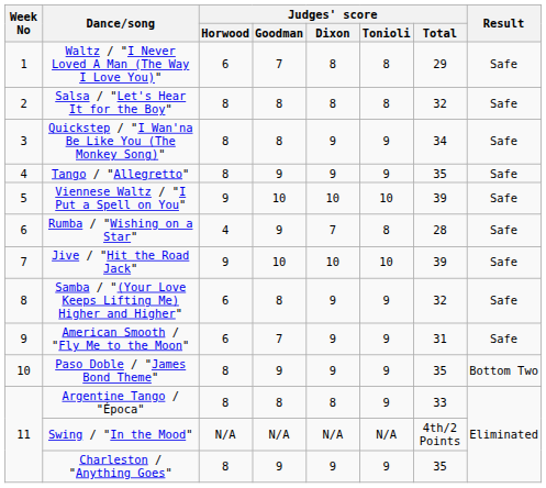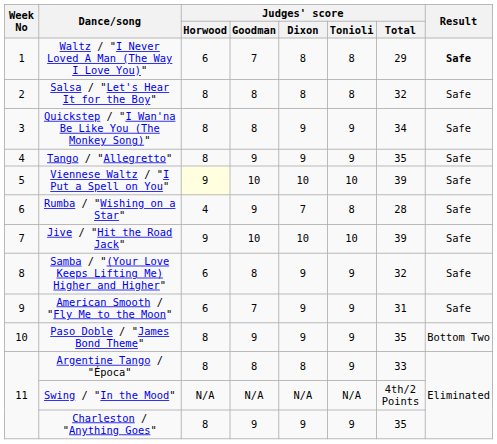 <table class="wikitable" style="text-align:center;">
 <tr>
 <th rowspan="2">Week No</th>
 <th rowspan="2">Dance/song</th>
 <th colspan="5">Judges' score</th>
 <th rowspan="2">Result</th>
 </tr>
 <tr>
 <th style="width:10%;">Horwood</th>
 <th style="width:10%;">Goodman</th>
 <th style="width:10%;">Dixon</th>
 <th style="width:10%;">Tonioli</th>
 <th style="width:10%;">Total</th>
 </tr>
 <tr>
 <td>1</td>
 <td><a href='#'>Waltz</a> / "<a href='#'>I Never Loved A Man (The Way I Love You)</a>"</td>
 <td>6</td>
 <td>7</td>
 <td>8</td>
 <td>8</td>
 <td>29</td>
-<td>Safe</td>
+<td><strong>Safe</strong></td>
 </tr>
 <tr>
 <td>2</td>
 <td><a href='#'>Salsa</a> / "<a href='#'>Let's Hear It for the Boy</a>"</td>
 <td>8</td>
 <td>8</td>
 <td>8</td>
 <td>8</td>
 <td>32</td>
 <td>Safe</td>
 </tr>
 <tr>
 <td>3</td>
 <td><a href='#'>Quickstep</a> / "<a href='#'>I Wan'na Be Like You (The Monkey Song)</a>"</td>
 <td>8</td>
 <td>8</td>
 <td>9</td>
 <td>9</td>
 <td>34</td>
 <td>Safe</td>
 </tr>
 <tr>
 <td>4</td>
 <td><a href='#'>Tango</a> / "<a href='#'>Allegretto</a>"</td>
 <td>8</td>
 <td>9</td>
 <td>9</td>
 <td>9</td>
 <td>35</td>
 <td>Safe</td>
 </tr>
 <tr>
 <td>5</td>
 <td><a href='#'>Viennese Waltz</a> / "<a href='#'>I Put a Spell on You</a>"</td>
-<td>9</td>
+<td style="background: lightyellow;">9</td>
 <td>10</td>
 <td>10</td>
 <td>10</td>
 <td>39</td>
 <td>Safe</td>
 </tr>
 <tr>
 <td>6</td>
 <td><a href='#'>Rumba</a> / "<a href='#'>Wishing on a Star</a>"</td>
 <td>4</td>
 <td>9</td>
 <td>7</td>
 <td>8</td>
 <td>28</td>
 <td>Safe</td>
 </tr>
 <tr>
 <td>7</td>
 <td><a href='#'>Jive</a> / "<a href='#'>Hit the Road Jack</a>"</td>
 <td>9</td>
 <td>10</td>
 <td>10</td>
 <td>10</td>
 <td>39</td>
 <td>Safe</td>
 </tr>
 <tr>
 <td>8</td>
 <td><a href='#'>Samba</a> / "<a href='#'>(Your Love Keeps Lifting Me) Higher and Higher</a>"</td>
 <td>6</td>
 <td>8</td>
 <td>9</td>
 <td>9</td>
 <td>32</td>
 <td>Safe</td>
 </tr>
 <tr>
 <td>9</td>
 <td><a href='#'>American Smooth</a> / "<a href='#'>Fly Me to the Moon</a>"</td>
 <td>6</td>
 <td>7</td>
 <td>9</td>
 <td>9</td>
 <td>31</td>
 <td>Safe</td>
 </tr>
 <tr>
 <td>10</td>
 <td><a href='#'>Paso Doble</a> / "<a href='#'>James Bond Theme</a>"</td>
 <td>8</td>
 <td>9</td>
 <td>9</td>
 <td>9</td>
 <td>35</td>
 <td>Bottom Two</td>
 </tr>
 <tr>
 <td rowspan="3">11</td>
 <td><a href='#'>Argentine Tango</a> / "Época"</td>
 <td>8</td>
 <td>8</td>
 <td>8</td>
 <td>9</td>
 <td>33</td>
 <td rowspan="3">Eliminated</td>
 </tr>
 <tr>
 <td><a href='#'>Swing</a> / "<a href='#'>In the Mood</a>"</td>
 <td>N/A</td>
 <td>N/A</td>
 <td>N/A</td>
 <td>N/A</td>
 <td>4th/2 Points</td>
 </tr>
 <tr>
 <td><a href='#'>Charleston</a> / "<a href='#'>Anything Goes</a>"</td>
 <td>8</td>
 <td>9</td>
 <td>9</td>
 <td>9</td>
 <td>35</td>
 </tr>
 </table>
